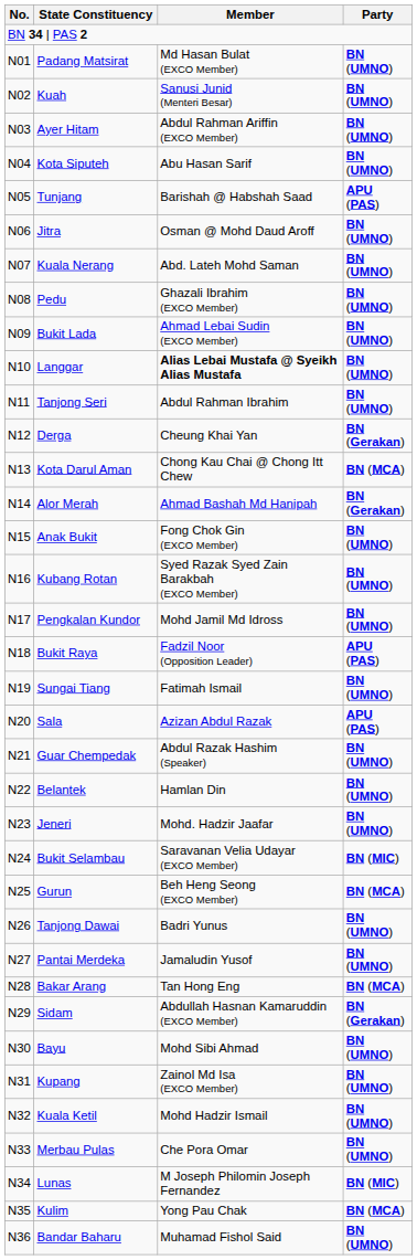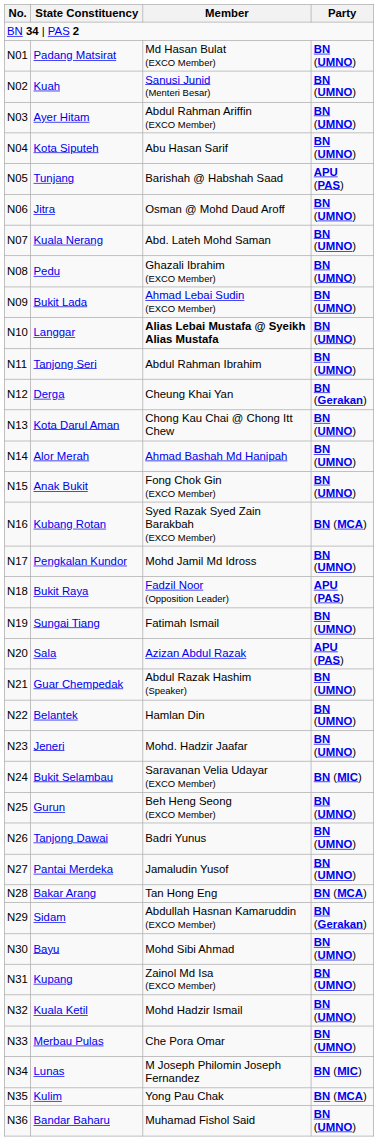 <table class="wikitable sortable">
 <tr>
 <th style="width:30px;">No.</th>
 <th style="width:150px;">State Constituency</th>
 <th style="width:230px;">Member</th>
 <th style="width:80px;">Party</th>
 </tr>
 <tr>
 <td colspan="4"><a href='#'>BN</a> <strong>34</strong> | <a href='#'>PAS</a> <strong>2</strong></td>
 </tr>
 <tr>
 <td>N01</td>
 <td><a href='#'>Padang Matsirat</a></td>
 <td>Md Hasan Bulat <br><small>(EXCO Member)</small></td>
 <td><strong><a href='#'>BN</a></strong> (<strong><a href='#'>UMNO</a></strong>)</td>
 </tr>
 <tr>
 <td>N02</td>
 <td><a href='#'>Kuah</a></td>
 <td><a href='#'>Sanusi Junid</a> <br><small>(Menteri Besar)</small></td>
 <td><strong><a href='#'>BN</a></strong> (<strong><a href='#'>UMNO</a></strong>)</td>
 </tr>
 <tr>
 <td>N03</td>
 <td><a href='#'>Ayer Hitam</a></td>
 <td>Abdul Rahman Ariffin <br><small>(EXCO Member)</small></td>
 <td><strong><a href='#'>BN</a></strong> (<strong><a href='#'>UMNO</a></strong>)</td>
 </tr>
 <tr>
 <td>N04</td>
 <td><a href='#'>Kota Siputeh</a></td>
 <td>Abu Hasan Sarif</td>
 <td><strong><a href='#'>BN</a></strong> (<strong><a href='#'>UMNO</a></strong>)</td>
 </tr>
 <tr>
 <td>N05</td>
 <td><a href='#'>Tunjang</a></td>
 <td>Barishah @ Habshah Saad</td>
 <td><strong><a href='#'>APU</a></strong> (<strong><a href='#'>PAS</a></strong>)</td>
 </tr>
 <tr>
 <td>N06</td>
 <td><a href='#'>Jitra</a></td>
 <td>Osman @ Mohd Daud Aroff</td>
 <td><strong><a href='#'>BN</a></strong> (<strong><a href='#'>UMNO</a></strong>)</td>
 </tr>
 <tr>
 <td>N07</td>
 <td><a href='#'>Kuala Nerang</a></td>
 <td>Abd. Lateh Mohd Saman</td>
 <td><strong><a href='#'>BN</a></strong> (<strong><a href='#'>UMNO</a></strong>)</td>
 </tr>
 <tr>
 <td>N08</td>
 <td><a href='#'>Pedu</a></td>
 <td>Ghazali Ibrahim <br><small>(EXCO Member)</small></td>
 <td><strong><a href='#'>BN</a></strong> (<strong><a href='#'>UMNO</a></strong>)</td>
 </tr>
 <tr>
 <td>N09</td>
 <td><a href='#'>Bukit Lada</a></td>
 <td><a href='#'>Ahmad Lebai Sudin</a> <br><small>(EXCO Member)</small></td>
 <td><strong><a href='#'>BN</a></strong> (<strong><a href='#'>UMNO</a></strong>)</td>
 </tr>
 <tr>
 <td>N10</td>
 <td><a href='#'>Langgar</a></td>
 <td><strong>Alias Lebai Mustafa @ Syeikh Alias Mustafa</strong></td>
 <td><strong><a href='#'>BN</a></strong> (<strong><a href='#'>UMNO</a></strong>)</td>
 </tr>
 <tr>
 <td>N11</td>
 <td><a href='#'>Tanjong Seri</a></td>
 <td>Abdul Rahman Ibrahim</td>
 <td><strong><a href='#'>BN</a></strong> (<strong><a href='#'>UMNO</a></strong>)</td>
 </tr>
 <tr>
 <td>N12</td>
 <td><a href='#'>Derga</a></td>
 <td>Cheung Khai Yan</td>
 <td><strong><a href='#'>BN</a></strong> (<strong><a href='#'>Gerakan</a></strong>)</td>
 </tr>
 <tr>
 <td>N13</td>
 <td><a href='#'>Kota Darul Aman</a></td>
 <td>Chong Kau Chai @ Chong Itt Chew</td>
-<td><strong><a href='#'>BN</a></strong> (<strong><a href='#'>MCA</a></strong>)</td>
+<td><strong><a href='#'>BN</a></strong> (<strong><a href='#'>UMNO</a></strong>)</td>
 </tr>
 <tr>
 <td>N14</td>
 <td><a href='#'>Alor Merah</a></td>
 <td><a href='#'>Ahmad Bashah Md Hanipah</a></td>
-<td><strong><a href='#'>BN</a></strong> (<strong><a href='#'>Gerakan</a></strong>)</td>
+<td><strong><a href='#'>BN</a></strong> (<strong><a href='#'>UMNO</a></strong>)</td>
 </tr>
 <tr>
 <td>N15</td>
 <td><a href='#'>Anak Bukit</a></td>
 <td>Fong Chok Gin <br><small>(EXCO Member)</small></td>
 <td><strong><a href='#'>BN</a></strong> (<strong><a href='#'>UMNO</a></strong>)</td>
 </tr>
 <tr>
 <td>N16</td>
 <td><a href='#'>Kubang Rotan</a></td>
 <td>Syed Razak Syed Zain Barakbah <br><small>(EXCO Member)</small></td>
-<td><strong><a href='#'>BN</a></strong> (<strong><a href='#'>UMNO</a></strong>)</td>
+<td><strong><a href='#'>BN</a></strong> (<strong><a href='#'>MCA</a></strong>)</td>
 </tr>
 <tr>
 <td>N17</td>
 <td><a href='#'>Pengkalan Kundor</a></td>
 <td>Mohd Jamil Md Idross</td>
 <td><strong><a href='#'>BN</a></strong> (<strong><a href='#'>UMNO</a></strong>)</td>
 </tr>
 <tr>
 <td>N18</td>
 <td><a href='#'>Bukit Raya</a></td>
 <td><a href='#'>Fadzil Noor</a> <br><small>(Opposition Leader)</small></td>
 <td><strong><a href='#'>APU</a></strong> (<strong><a href='#'>PAS</a></strong>)</td>
 </tr>
 <tr>
 <td>N19</td>
 <td><a href='#'>Sungai Tiang</a></td>
 <td>Fatimah Ismail</td>
 <td><strong><a href='#'>BN</a></strong> (<strong><a href='#'>UMNO</a></strong>)</td>
 </tr>
 <tr>
 <td>N20</td>
 <td><a href='#'>Sala</a></td>
 <td><a href='#'>Azizan Abdul Razak</a></td>
 <td><strong><a href='#'>APU</a></strong> (<strong><a href='#'>PAS</a></strong>)</td>
 </tr>
 <tr>
 <td>N21</td>
 <td><a href='#'>Guar Chempedak</a></td>
 <td>Abdul Razak Hashim <br><small>(Speaker)</small></td>
 <td><strong><a href='#'>BN</a></strong> (<strong><a href='#'>UMNO</a></strong>)</td>
 </tr>
 <tr>
 <td>N22</td>
 <td><a href='#'>Belantek</a></td>
 <td>Hamlan Din</td>
 <td><strong><a href='#'>BN</a></strong> (<strong><a href='#'>UMNO</a></strong>)</td>
 </tr>
 <tr>
 <td>N23</td>
 <td><a href='#'>Jeneri</a></td>
 <td>Mohd. Hadzir Jaafar</td>
 <td><strong><a href='#'>BN</a></strong> (<strong><a href='#'>UMNO</a></strong>)</td>
 </tr>
 <tr>
 <td>N24</td>
 <td><a href='#'>Bukit Selambau</a></td>
 <td>Saravanan Velia Udayar <br><small>(EXCO Member)</small></td>
 <td><strong><a href='#'>BN</a></strong> (<strong><a href='#'>MIC</a></strong>)</td>
 </tr>
 <tr>
 <td>N25</td>
 <td><a href='#'>Gurun</a></td>
 <td>Beh Heng Seong <br><small>(EXCO Member)</small></td>
-<td><strong><a href='#'>BN</a></strong> (<strong><a href='#'>MCA</a></strong>)</td>
+<td><strong><a href='#'>BN</a></strong> (<strong><a href='#'>UMNO</a></strong>)</td>
 </tr>
 <tr>
 <td>N26</td>
 <td><a href='#'>Tanjong Dawai</a></td>
 <td>Badri Yunus</td>
 <td><strong><a href='#'>BN</a></strong> (<strong><a href='#'>UMNO</a></strong>)</td>
 </tr>
 <tr>
 <td>N27</td>
 <td><a href='#'>Pantai Merdeka</a></td>
 <td>Jamaludin Yusof</td>
 <td><strong><a href='#'>BN</a></strong> (<strong><a href='#'>UMNO</a></strong>)</td>
 </tr>
 <tr>
 <td>N28</td>
 <td><a href='#'>Bakar Arang</a></td>
 <td>Tan Hong Eng</td>
 <td><strong><a href='#'>BN</a></strong> (<strong><a href='#'>MCA</a></strong>)</td>
 </tr>
 <tr>
 <td>N29</td>
 <td><a href='#'>Sidam</a></td>
 <td>Abdullah Hasnan Kamaruddin <br><small>(EXCO Member)</small></td>
 <td><strong><a href='#'>BN</a></strong> (<strong><a href='#'>Gerakan</a></strong>)</td>
 </tr>
 <tr>
 <td>N30</td>
 <td><a href='#'>Bayu</a></td>
 <td>Mohd Sibi Ahmad</td>
 <td><strong><a href='#'>BN</a></strong> (<strong><a href='#'>UMNO</a></strong>)</td>
 </tr>
 <tr>
 <td>N31</td>
 <td><a href='#'>Kupang</a></td>
 <td>Zainol Md Isa <br><small>(EXCO Member)</small></td>
 <td><strong><a href='#'>BN</a></strong> (<strong><a href='#'>UMNO</a></strong>)</td>
 </tr>
 <tr>
 <td>N32</td>
 <td><a href='#'>Kuala Ketil</a></td>
 <td>Mohd Hadzir Ismail</td>
 <td><strong><a href='#'>BN</a></strong> (<strong><a href='#'>UMNO</a></strong>)</td>
 </tr>
 <tr>
 <td>N33</td>
 <td><a href='#'>Merbau Pulas</a></td>
 <td>Che Pora Omar</td>
 <td><strong><a href='#'>BN</a></strong> (<strong><a href='#'>UMNO</a></strong>)</td>
 </tr>
 <tr>
 <td>N34</td>
 <td><a href='#'>Lunas</a></td>
 <td>M Joseph Philomin Joseph Fernandez</td>
 <td><strong><a href='#'>BN</a></strong> (<strong><a href='#'>MIC</a></strong>)</td>
 </tr>
 <tr>
 <td>N35</td>
 <td><a href='#'>Kulim</a></td>
 <td>Yong Pau Chak</td>
 <td><strong><a href='#'>BN</a></strong> (<strong><a href='#'>MCA</a></strong>)</td>
 </tr>
 <tr>
 <td>N36</td>
 <td><a href='#'>Bandar Baharu</a></td>
 <td>Muhamad Fishol Said</td>
 <td><strong><a href='#'>BN</a></strong> (<strong><a href='#'>UMNO</a></strong>)</td>
 </tr>
 </table>
